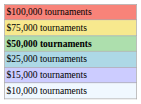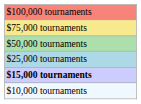 <table class="wikitable" style="font-size:85%; width:15%;">
 <tr style="background:#f88379;">
 <td>$100,000 tournaments</td>
 </tr>
 <tr style="background:#f7e98e;">
 <td>$75,000 tournaments</td>
 </tr>
 <tr style="background:#addfad;">
-<td><strong>$50,000 tournaments</strong></td>
+<td>$50,000 tournaments</td>
 </tr>
 <tr style="background:lightblue;">
 <td>$25,000 tournaments</td>
 </tr>
 <tr style="background:#ccccff;">
-<td>$15,000 tournaments</td>
+<td><strong>$15,000 tournaments</strong></td>
 </tr>
 <tr style="background:#f0f8ff;">
 <td>$10,000 tournaments</td>
 </tr>
 </table>
